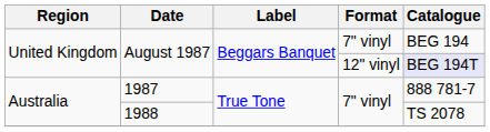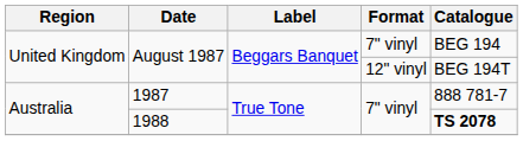 <table class="wikitable">
 <tr>
 <th>Region</th>
 <th>Date</th>
 <th>Label</th>
 <th>Format</th>
 <th>Catalogue</th>
 </tr>
 <tr>
 <td rowspan="2">United Kingdom</td>
 <td rowspan="2">August 1987</td>
 <td rowspan="2"><a href='#'>Beggars Banquet</a></td>
 <td>7" vinyl</td>
 <td>BEG 194</td>
 </tr>
 <tr>
 <td>12" vinyl</td>
-<td style="background: lavender;">BEG 194T</td>
+<td>BEG 194T</td>
 </tr>
 <tr>
 <td rowspan="2">Australia</td>
 <td>1987</td>
 <td rowspan="2"><a href='#'>True Tone</a></td>
 <td rowspan="2">7" vinyl</td>
 <td>888 781-7</td>
 </tr>
 <tr>
 <td>1988</td>
-<td>TS 2078</td>
+<td><strong>TS 2078</strong></td>
 </tr>
 <tr>
 </tr>
 </table>
